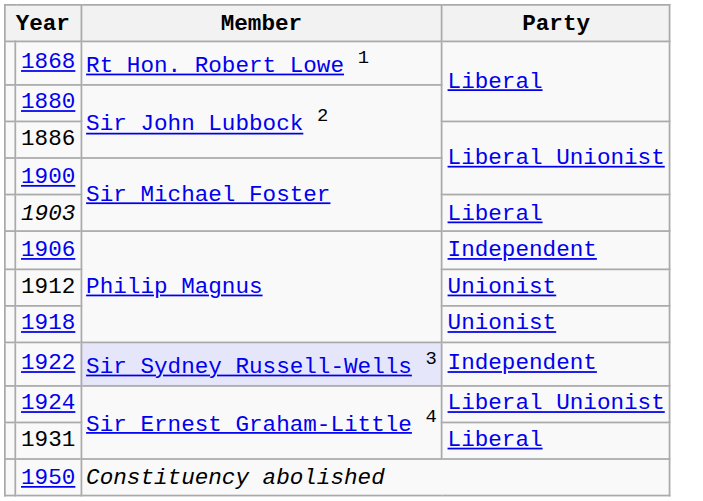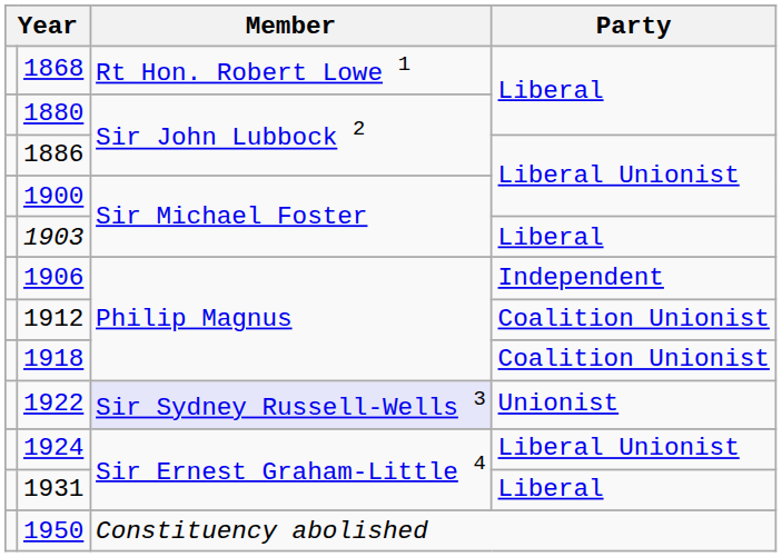 <table class="wikitable">
 <tr>
 <th colspan="2">Year</th>
 <th>Member</th>
 <th>Party</th>
 </tr>
 <tr>
 <td style="color:inherit;background-color: "></td>
 <td><a href='#'>1868</a></td>
 <td><a href='#'>Rt Hon. Robert Lowe</a> <sup>1</sup></td>
 <td rowspan="2"><a href='#'>Liberal</a></td>
 </tr>
 <tr>
 <td style="color:inherit;background-color: "></td>
 <td><a href='#'>1880</a></td>
 <td rowspan="2"><a href='#'>Sir John Lubbock</a> <sup>2</sup></td>
 </tr>
 <tr>
 <td style="color:inherit;background-color: "></td>
 <td>1886</td>
 <td rowspan="2"><a href='#'>Liberal Unionist</a></td>
 </tr>
 <tr>
 <td style="color:inherit;background-color: "></td>
 <td><a href='#'>1900</a></td>
 <td rowspan="2"><a href='#'>Sir Michael Foster</a></td>
 </tr>
 <tr>
 <td style="color:inherit;background-color: "></td>
 <td><em>1903</em></td>
 <td><a href='#'>Liberal</a></td>
 </tr>
 <tr>
 <td style="color:inherit;background-color: "></td>
 <td><a href='#'>1906</a></td>
 <td rowspan="3"><a href='#'>Philip Magnus</a></td>
 <td><a href='#'>Independent</a></td>
 </tr>
 <tr>
 <td style="color:inherit;background-color: "></td>
 <td>1912</td>
-<td><a href='#'>Unionist</a></td>
+<td><a href='#'>Coalition Unionist</a></td>
 </tr>
 <tr>
 <td style="color:inherit;background-color: "></td>
 <td><a href='#'>1918</a></td>
-<td><a href='#'>Unionist</a></td>
+<td><a href='#'>Coalition Unionist</a></td>
 </tr>
 <tr>
 <td style="color:inherit;background-color: "></td>
 <td><a href='#'>1922</a></td>
 <td style="background: lavender;"><a href='#'>Sir Sydney Russell-Wells</a> <sup>3</sup></td>
-<td><a href='#'>Independent</a></td>
+<td><a href='#'>Unionist</a></td>
 </tr>
 <tr>
 <td style="color:inherit;background-color: "></td>
 <td><a href='#'>1924</a></td>
 <td rowspan="2"><a href='#'>Sir Ernest Graham-Little</a> <sup>4</sup></td>
 <td><a href='#'>Liberal Unionist</a></td>
 </tr>
 <tr>
 <td style="color:inherit;background-color: "></td>
 <td>1931</td>
 <td><a href='#'>Liberal</a></td>
 </tr>
 <tr>
 <td></td>
 <td><a href='#'>1950</a></td>
 <td colspan="2"><em>Constituency abolished</em></td>
 </tr>
 </table>
